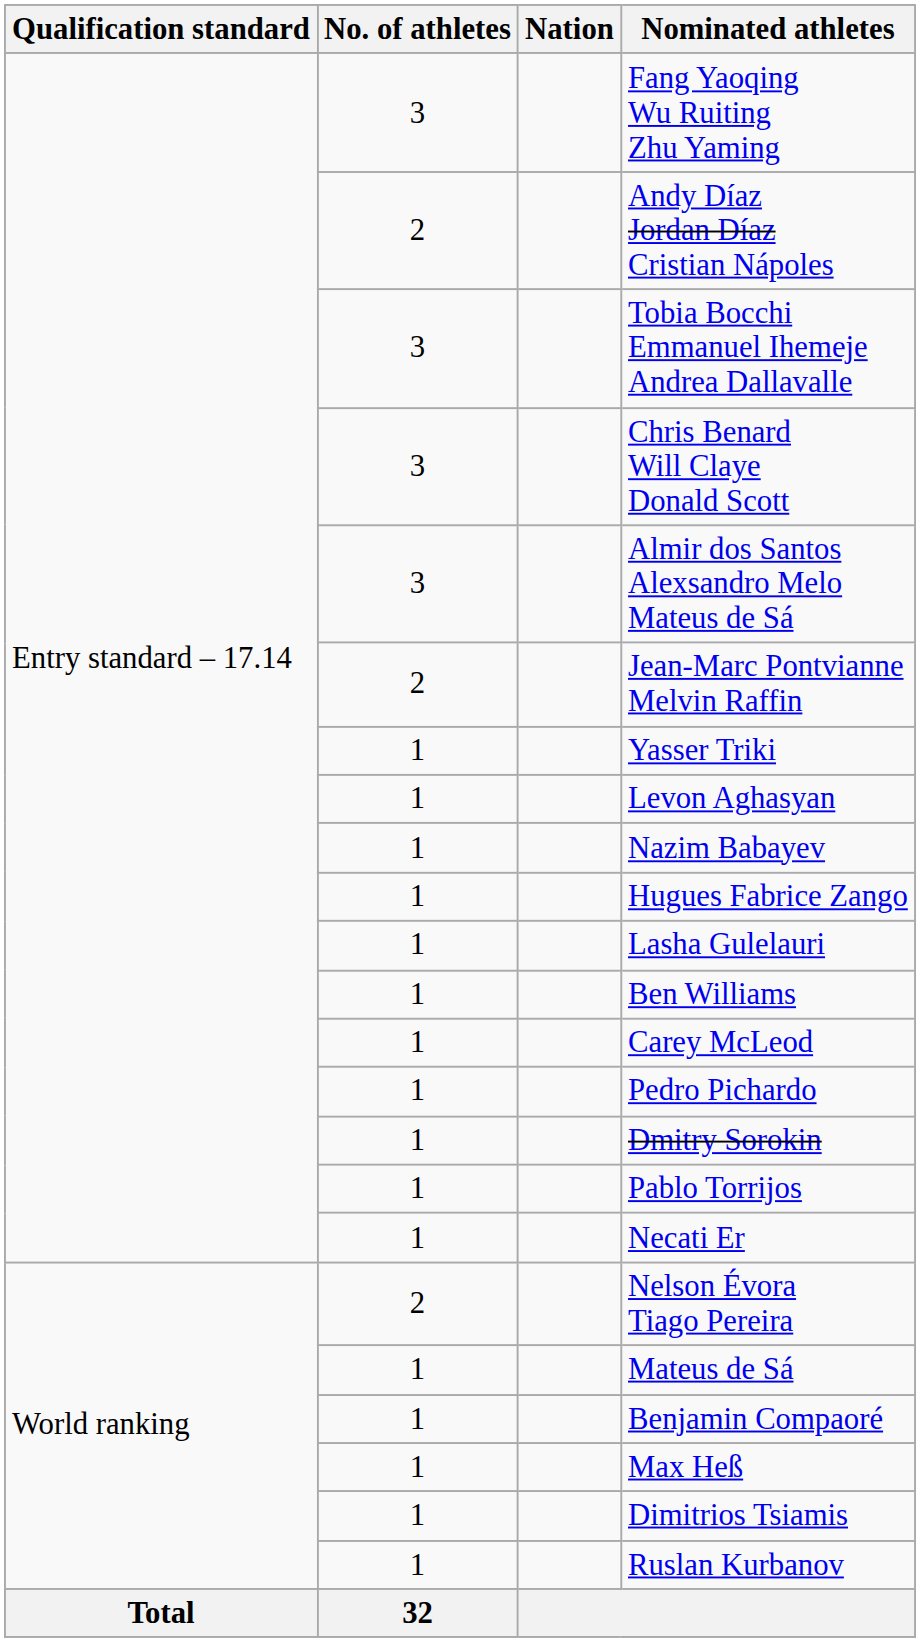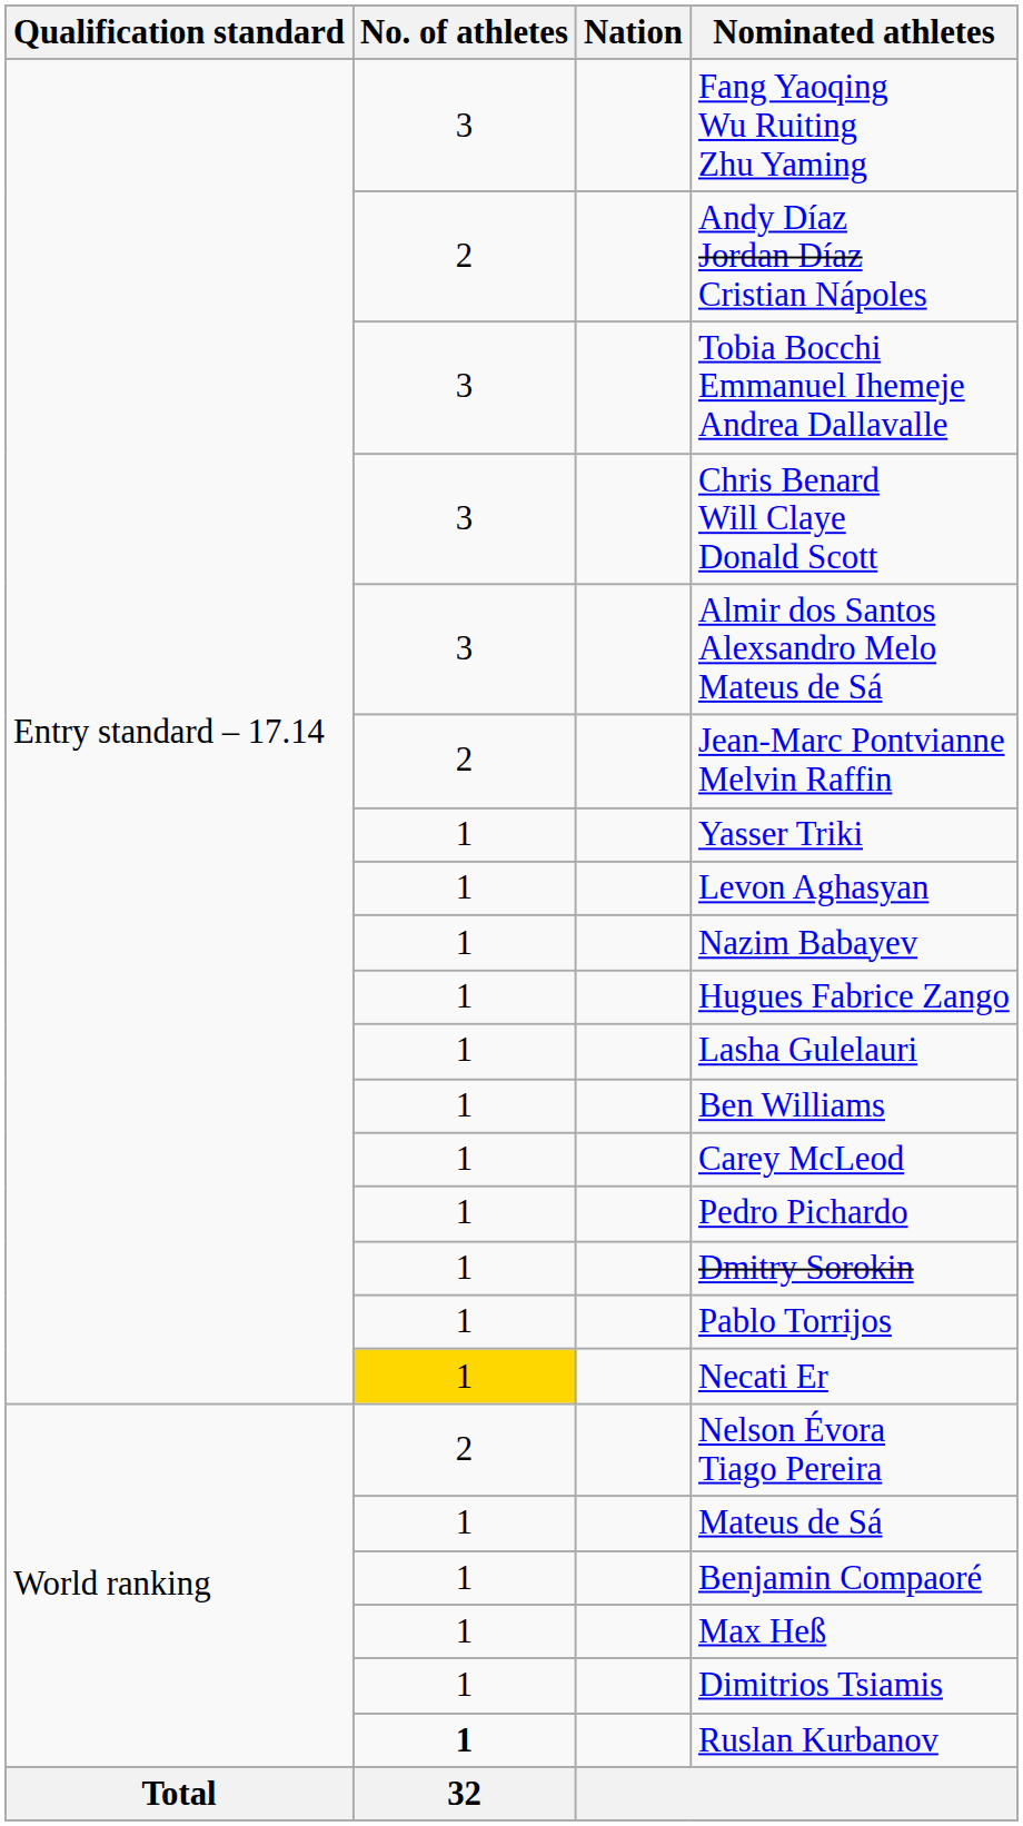 <table class="wikitable" style="text-align:left;">
 <tr>
 <th>Qualification standard</th>
 <th>No. of athletes</th>
 <th>Nation</th>
 <th>Nominated athletes</th>
 </tr>
 <tr>
 <td rowspan=17>Entry standard – 17.14</td>
 <td align=center>3</td>
 <td></td>
 <td><a href='#'>Fang Yaoqing</a><br><a href='#'>Wu Ruiting</a><br><a href='#'>Zhu Yaming</a></td>
 </tr>
 <tr>
 <td align=center>2</td>
 <td></td>
 <td><a href='#'>Andy Díaz</a><br><s><a href='#'>Jordan Díaz</a></s><br><a href='#'>Cristian Nápoles</a></td>
 </tr>
 <tr>
 <td align=center>3</td>
 <td></td>
 <td><a href='#'>Tobia Bocchi</a><br><a href='#'>Emmanuel Ihemeje</a><br><a href='#'>Andrea Dallavalle</a></td>
 </tr>
 <tr>
 <td align=center>3</td>
 <td></td>
 <td><a href='#'>Chris Benard</a><br><a href='#'>Will Claye</a><br><a href='#'>Donald Scott</a></td>
 </tr>
 <tr>
 <td align=center>3</td>
 <td></td>
 <td><a href='#'>Almir dos Santos</a><br><a href='#'>Alexsandro Melo</a><br><a href='#'>Mateus de Sá</a></td>
 </tr>
 <tr>
 <td align=center>2</td>
 <td></td>
 <td><a href='#'>Jean-Marc Pontvianne</a><br><a href='#'>Melvin Raffin</a></td>
 </tr>
 <tr>
 <td align=center>1</td>
 <td></td>
 <td><a href='#'>Yasser Triki</a></td>
 </tr>
 <tr>
 <td align=center>1</td>
 <td></td>
 <td><a href='#'>Levon Aghasyan</a></td>
 </tr>
 <tr>
 <td align=center>1</td>
 <td></td>
 <td><a href='#'>Nazim Babayev</a></td>
 </tr>
 <tr>
 <td align=center>1</td>
 <td></td>
 <td><a href='#'>Hugues Fabrice Zango</a></td>
 </tr>
 <tr>
 <td align=center>1</td>
 <td></td>
 <td><a href='#'>Lasha Gulelauri</a></td>
 </tr>
 <tr>
 <td align=center>1</td>
 <td></td>
 <td><a href='#'>Ben Williams</a></td>
 </tr>
 <tr>
 <td align=center>1</td>
 <td></td>
 <td><a href='#'>Carey McLeod</a></td>
 </tr>
 <tr>
 <td align=center>1</td>
 <td></td>
 <td><a href='#'>Pedro Pichardo</a></td>
 </tr>
 <tr>
 <td align=center>1</td>
 <td><s></s></td>
 <td><s> <a href='#'>Dmitry Sorokin</a></s></td>
 </tr>
 <tr>
 <td align=center>1</td>
 <td></td>
 <td><a href='#'>Pablo Torrijos</a></td>
 </tr>
 <tr>
-<td align=center>1</td>
+<td align=center style="background: gold;">1</td>
 <td></td>
 <td><a href='#'>Necati Er</a></td>
 </tr>
 <tr>
 <td rowspan=6>World ranking</td>
 <td align=center>2</td>
 <td></td>
 <td><a href='#'>Nelson Évora</a><br><a href='#'>Tiago Pereira</a></td>
 </tr>
 <tr>
 <td align=center>1</td>
 <td></td>
 <td><a href='#'>Mateus de Sá</a></td>
 </tr>
 <tr>
 <td align=center>1</td>
 <td></td>
 <td><a href='#'>Benjamin Compaoré</a></td>
 </tr>
 <tr>
 <td align=center>1</td>
 <td></td>
 <td><a href='#'>Max Heß</a></td>
 </tr>
 <tr>
 <td align=center>1</td>
 <td></td>
 <td><a href='#'>Dimitrios Tsiamis</a></td>
 </tr>
 <tr>
-<td align=center>1</td>
+<td align=center><strong>1</strong></td>
 <td></td>
 <td><a href='#'>Ruslan Kurbanov</a></td>
 </tr>
 <tr>
 <th>Total</th>
 <th>32</th>
 <th colspan=2></th>
 </tr>
 </table>
